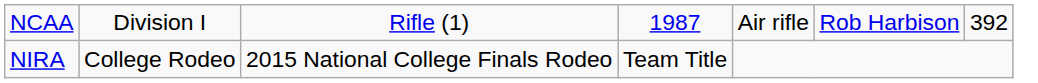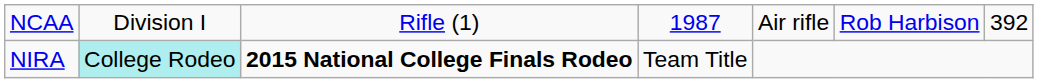 <table class="wikitable" width=" ">
 <tr align="center">
 <td rowspan="1"><a href='#'>NCAA</a></td>
 <td rowspan="1">Division I</td>
 <td rowspan="1"><a href='#'>Rifle</a> (1)</td>
 <td rowspan="1"><a href='#'>1987</a></td>
 <td>Air rifle</td>
 <td><a href='#'>Rob Harbison</a></td>
 <td>392</td>
 </tr>
 <tr>
 <td><a href='#'>NIRA</a></td>
-<td>College Rodeo</td>
-<td>2015 National College Finals Rodeo</td>
+<td style="background: paleturquoise;">College Rodeo</td>
+<td><strong>2015 National College Finals Rodeo</strong></td>
 <td>Team Title</td>
 </tr>
 </table>
